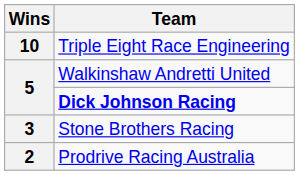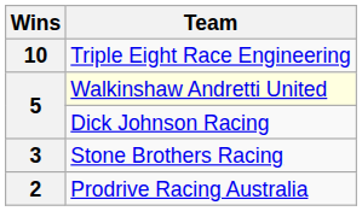 <table class="wikitable" style="font-size: 95%;">
 <tr>
 <th>Wins</th>
 <th>Team</th>
 </tr>
 <tr>
 <th>10</th>
 <td><a href='#'>Triple Eight Race Engineering</a></td>
 </tr>
 <tr>
 <th rowspan="2">5</th>
-<td><a href='#'>Walkinshaw Andretti United</a></td>
+<td style="background: lightyellow;"><a href='#'>Walkinshaw Andretti United</a></td>
 </tr>
 <tr>
-<td><strong><a href='#'>Dick Johnson Racing</a></strong></td>
+<td><a href='#'>Dick Johnson Racing</a></td>
 </tr>
 <tr>
 <th>3</th>
 <td><a href='#'>Stone Brothers Racing</a></td>
 </tr>
 <tr>
 <th>2</th>
 <td><a href='#'>Prodrive Racing Australia</a></td>
 </tr>
 </table>
